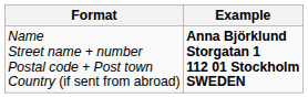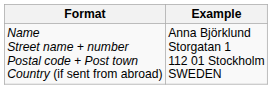 <table class="wikitable">
 <tr>
 <th>Format</th>
 <th>Example</th>
 </tr>
 <tr>
 <td><em>Name</em><br><em>Street name + number</em><br><em>Postal code + Post town</em><br><em>Country</em> (if sent from abroad)</td>
-<td><strong>Anna Björklund<br>Storgatan 1<br>112 01 Stockholm<br>SWEDEN</strong></td>
+<td>Anna Björklund<br>Storgatan 1<br>112 01 Stockholm<br>SWEDEN</td>
 </tr>
 </table>
